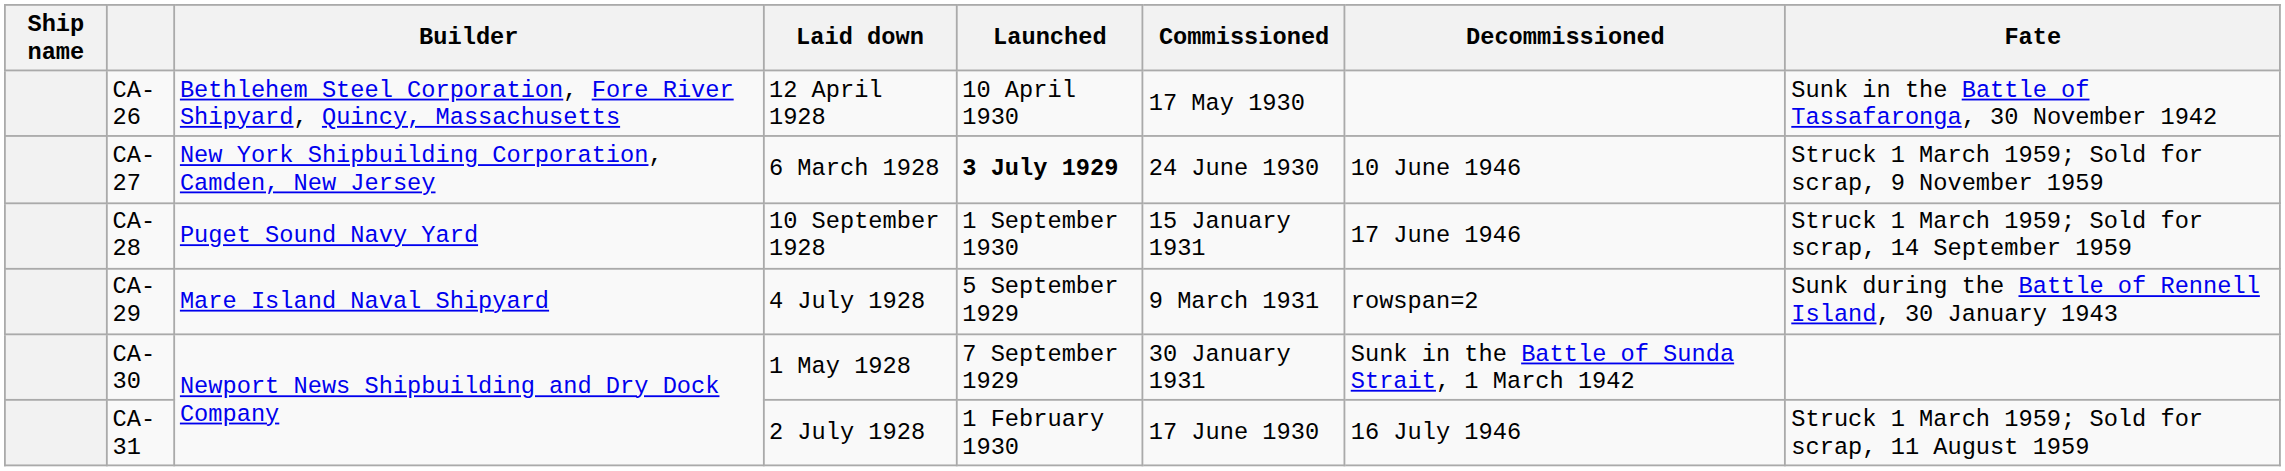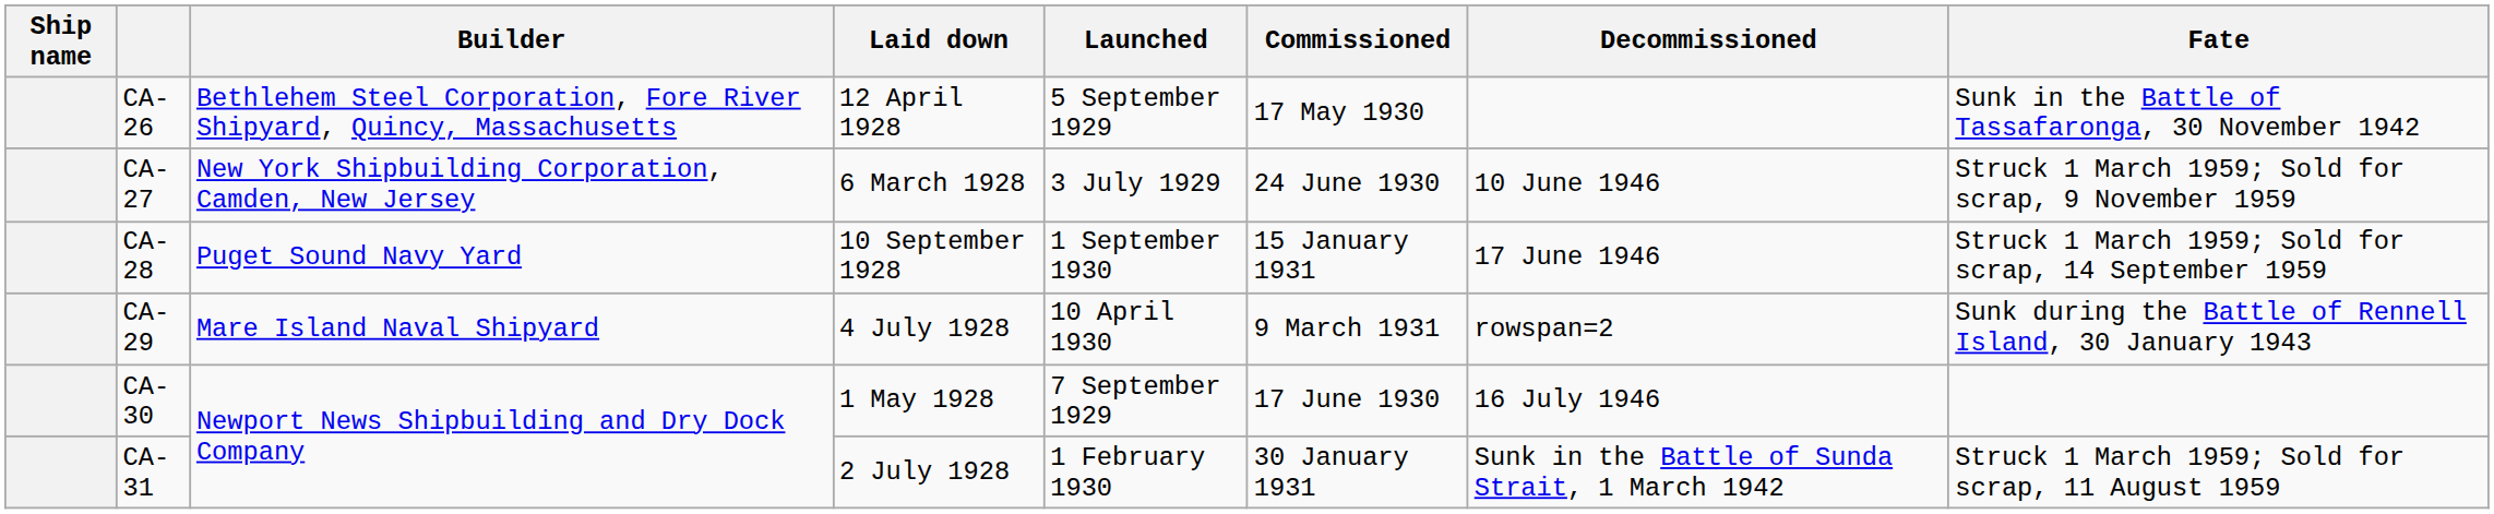 <table class="sortable wikitable plainrowheaders">
 <tr>
 <th scope="col">Ship name</th>
 <th scope="col"></th>
 <th scope="col">Builder</th>
 <th scope="col">Laid down</th>
 <th scope="col">Launched</th>
 <th scope="col">Commissioned</th>
 <th scope="col">Decommissioned</th>
 <th scope="col">Fate</th>
 </tr>
 <tr>
 <th scope="row"></th>
 <td>CA-26</td>
 <td><a href='#'>Bethlehem Steel Corporation</a>, <a href='#'>Fore River Shipyard</a>, <a href='#'>Quincy, Massachusetts</a></td>
 <td>12 April 1928</td>
-<td>10 April 1930</td>
+<td>5 September 1929</td>
 <td>17 May 1930</td>
 <td></td>
 <td>Sunk in the <a href='#'>Battle of Tassafaronga</a>, 30 November 1942</td>
 </tr>
 <tr>
 <th scope="row"></th>
 <td>CA-27</td>
 <td><a href='#'>New York Shipbuilding Corporation</a>, <a href='#'>Camden, New Jersey</a></td>
 <td>6 March 1928</td>
-<td><strong>3 July 1929</strong></td>
+<td>3 July 1929</td>
 <td>24 June 1930</td>
 <td>10 June 1946</td>
 <td>Struck 1 March 1959; Sold for scrap, 9 November 1959</td>
 </tr>
 <tr>
 <th scope="row"></th>
 <td>CA-28</td>
 <td><a href='#'>Puget Sound Navy Yard</a></td>
 <td>10 September 1928</td>
 <td>1 September 1930</td>
 <td>15 January 1931</td>
 <td>17 June 1946</td>
 <td>Struck 1 March 1959; Sold for scrap, 14 September 1959</td>
 </tr>
 <tr>
 <th scope="row"></th>
 <td>CA-29</td>
 <td><a href='#'>Mare Island Naval Shipyard</a></td>
 <td>4 July 1928</td>
-<td>5 September 1929</td>
+<td>10 April 1930</td>
 <td>9 March 1931</td>
 <td>rowspan=2 </td>
 <td>Sunk during the <a href='#'>Battle of Rennell Island</a>, 30 January 1943</td>
 </tr>
 <tr>
 <th scope="row"></th>
 <td>CA-30</td>
 <td rowspan=2><a href='#'>Newport News Shipbuilding and Dry Dock Company</a></td>
 <td>1 May 1928</td>
 <td>7 September 1929</td>
-<td>30 January 1931</td>
-<td>Sunk in the <a href='#'>Battle of Sunda Strait</a>, 1 March 1942</td>
+<td>17 June 1930</td>
+<td>16 July 1946</td>
 </tr>
 <tr>
 <th scope="row"></th>
 <td>CA-31</td>
 <td>2 July 1928</td>
 <td>1 February 1930</td>
-<td>17 June 1930</td>
-<td>16 July 1946</td>
+<td>30 January 1931</td>
+<td>Sunk in the <a href='#'>Battle of Sunda Strait</a>, 1 March 1942</td>
 <td>Struck 1 March 1959; Sold for scrap, 11 August 1959</td>
 </tr>
 </table>
